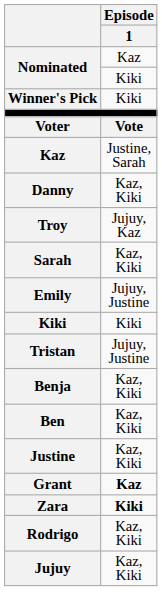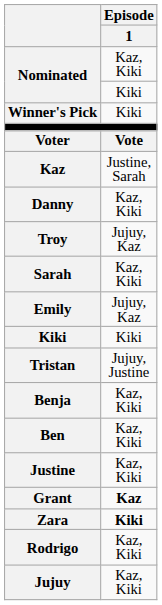 <table class="wikitable" style="text-align:center; line-height:13px; font-size:85%;">
 <tr>
 <th rowspan="2"></th>
 <th colspan="1" scope="col">Episode</th>
 </tr>
 <tr>
 <th>1</th>
 </tr>
 <tr>
 <th scope="row" rowspan="2">Nominated</th>
-<td>Kaz<br></td>
+<td>Kaz, <br> Kiki</td>
 </tr>
 <tr>
 <td>Kiki<br></td>
 </tr>
 <tr>
 <th scope="row">Winner's Pick</th>
 <td>Kiki<br></td>
 </tr>
 <tr>
 <th colspan="2" style="background:black"></th>
 </tr>
 <tr>
 <th>Voter</th>
 <th colspan="1">Vote</th>
 </tr>
 <tr>
 <th>Kaz</th>
 <td>Justine, <br> Sarah</td>
 </tr>
 <tr>
 <th>Danny</th>
 <td>Kaz,<br>Kiki</td>
 </tr>
 <tr>
 <th>Troy</th>
 <td>Jujuy, <br> Kaz</td>
 </tr>
 <tr>
 <th>Sarah</th>
 <td>Kaz, <br> Kiki</td>
 </tr>
 <tr>
 <th>Emily</th>
-<td>Jujuy, <br> Justine</td>
+<td>Jujuy,<br>Kaz</td>
 </tr>
 <tr>
 <th>Kiki</th>
 <td>Kiki<br></td>
 </tr>
 <tr>
 <th>Tristan</th>
 <td>Jujuy, <br> Justine</td>
 </tr>
 <tr>
 <th>Benja</th>
 <td>Kaz, <br> Kiki</td>
 </tr>
 <tr>
 <th>Ben</th>
 <td>Kaz, <br> Kiki</td>
 </tr>
 <tr>
 <th>Justine</th>
 <td>Kaz, <br> Kiki</td>
 </tr>
 <tr>
 <th>Grant</th>
 <td><strong>Kaz</strong></td>
 </tr>
 <tr>
 <th>Zara</th>
 <td><strong>Kiki</strong></td>
 </tr>
 <tr>
 <th>Rodrigo</th>
 <td>Kaz, <br> Kiki</td>
 </tr>
 <tr>
 <th>Jujuy</th>
 <td>Kaz, <br> Kiki</td>
 </tr>
 </table>
